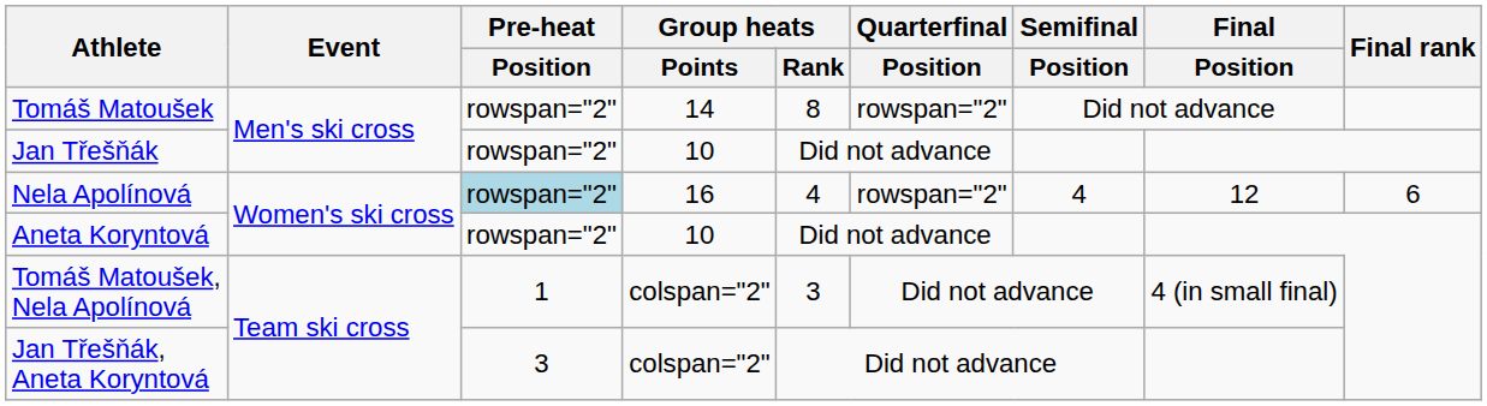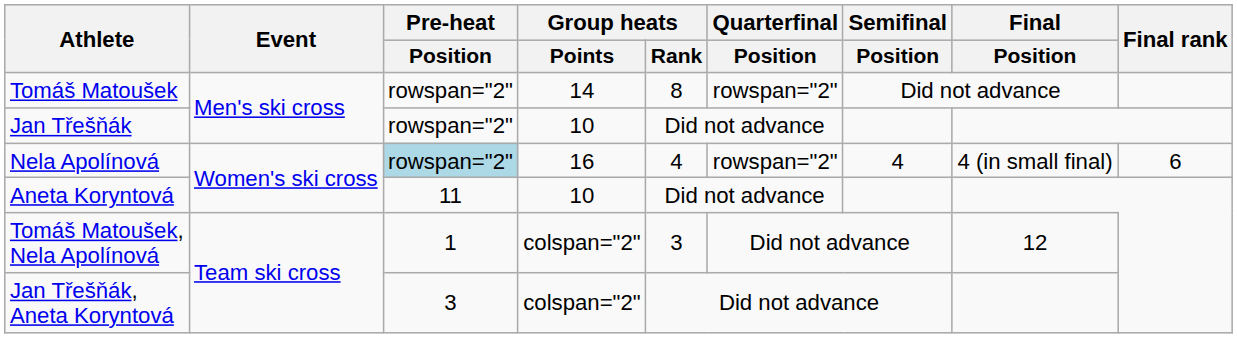 <table class="wikitable" style="font-size:90%">
 <tr>
 <th rowspan="2">Athlete</th>
 <th rowspan="2">Event</th>
 <th>Pre-heat</th>
 <th colspan="2">Group heats</th>
 <th>Quarterfinal</th>
 <th>Semifinal</th>
 <th>Final</th>
 <th rowspan="2">Final rank</th>
 </tr>
 <tr style="font-size:95%">
 <th>Position</th>
 <th>Points</th>
 <th>Rank</th>
 <th>Position</th>
 <th>Position</th>
 <th>Position</th>
 </tr>
 <tr align=center>
 <td align=left><a href='#'>Tomáš Matoušek</a></td>
 <td align=left rowspan=2><a href='#'>Men's ski cross</a></td>
 <td>rowspan="2" </td>
 <td>14</td>
 <td>8</td>
 <td>rowspan="2" </td>
 <td colspan="2">Did not advance</td>
 <td></td>
 </tr>
 <tr align=center>
 <td align=left><a href='#'>Jan Třešňák</a></td>
 <td>rowspan="2" </td>
 <td>10</td>
 <td colspan="2">Did not advance</td>
 <td></td>
 </tr>
 <tr align=center>
 <td align=left><a href='#'>Nela Apolínová</a></td>
 <td align=left rowspan=2><a href='#'>Women's ski cross</a></td>
 <td style="background: lightblue;">rowspan="2" </td>
 <td>16</td>
 <td>4</td>
 <td>rowspan="2" </td>
 <td>4</td>
-<td>12</td>
+<td>4 (in small final)</td>
 <td>6</td>
 </tr>
 <tr align=center>
 <td align=left><a href='#'>Aneta Koryntová</a></td>
-<td>rowspan="2" </td>
+<td>11</td>
 <td>10</td>
 <td colspan="2">Did not advance</td>
 <td></td>
 </tr>
 <tr align=center>
 <td align=left><a href='#'>Tomáš Matoušek</a>,<br><a href='#'>Nela Apolínová</a></td>
 <td rowspan="2" align="left"><a href='#'>Team ski cross</a></td>
 <td>1</td>
 <td>colspan="2" </td>
 <td>3</td>
 <td colspan="2">Did not advance</td>
-<td>4 (in small final)</td>
+<td>12</td>
 </tr>
 <tr align=center>
 <td align=left><a href='#'>Jan Třešňák</a>,<br><a href='#'>Aneta Koryntová</a></td>
 <td>3</td>
 <td>colspan="2" </td>
 <td colspan="3">Did not advance</td>
 <td></td>
 </tr>
 </table>
